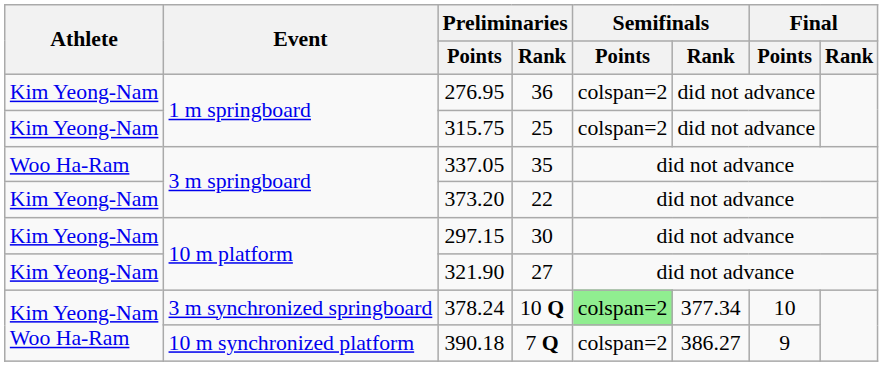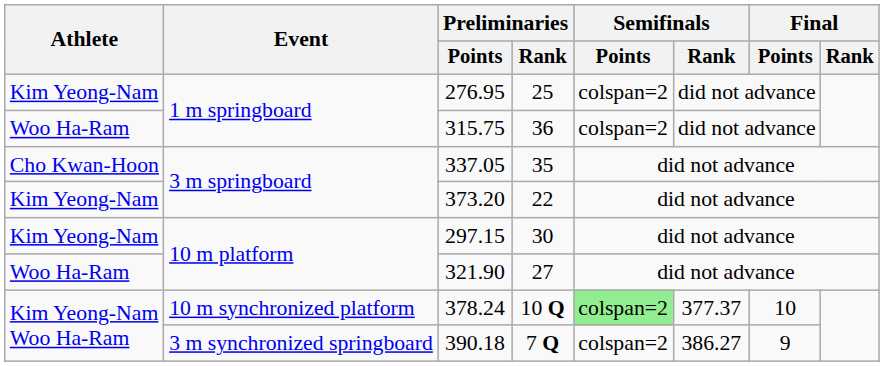 <table class=wikitable style="font-size:90%;">
 <tr>
 <th rowspan="2">Athlete</th>
 <th rowspan="2">Event</th>
 <th colspan="2">Preliminaries</th>
 <th colspan="2">Semifinals</th>
 <th colspan="2">Final</th>
 </tr>
 <tr style="font-size:95%">
 <th>Points</th>
 <th>Rank</th>
 <th>Points</th>
 <th>Rank</th>
 <th>Points</th>
 <th>Rank</th>
 </tr>
 <tr align=center>
 <td align=left><a href='#'>Kim Yeong-Nam</a></td>
 <td align=left rowspan=2><a href='#'>1 m springboard</a></td>
 <td>276.95</td>
-<td>36</td>
-<td>colspan=2 </td>
-<td colspan=2>did not advance</td>
-</tr>
-<tr align=center>
-<td align=left><a href='#'>Kim Yeong-Nam</a></td>
-<td>315.75</td>
 <td>25</td>
 <td>colspan=2 </td>
 <td colspan=2>did not advance</td>
 </tr>
 <tr align=center>
 <td align=left><a href='#'>Woo Ha-Ram</a></td>
+<td>315.75</td>
+<td>36</td>
+<td>colspan=2 </td>
+<td colspan=2>did not advance</td>
+</tr>
+<tr align=center>
+<td align=left><a href='#'>Cho Kwan-Hoon</a></td>
 <td align=left rowspan=2><a href='#'>3 m springboard</a></td>
 <td>337.05</td>
 <td>35</td>
 <td colspan=4>did not advance</td>
 </tr>
 <tr align=center>
 <td align=left><a href='#'>Kim Yeong-Nam</a></td>
 <td>373.20</td>
 <td>22</td>
 <td colspan=4>did not advance</td>
 </tr>
 <tr align=center>
 <td align=left><a href='#'>Kim Yeong-Nam</a></td>
 <td align=left rowspan=2><a href='#'>10 m platform</a></td>
 <td>297.15</td>
 <td>30</td>
 <td colspan=4>did not advance</td>
 </tr>
 <tr align=center>
-<td align=left><a href='#'>Kim Yeong-Nam</a></td>
+<td align=left><a href='#'>Woo Ha-Ram</a></td>
 <td>321.90</td>
 <td>27</td>
 <td colspan=4>did not advance</td>
 </tr>
 <tr align=center>
 <td align=left rowspan=2><a href='#'>Kim Yeong-Nam</a><br><a href='#'>Woo Ha-Ram</a></td>
-<td align=left><a href='#'>3 m synchronized springboard</a></td>
+<td align=left><a href='#'>10 m synchronized platform</a></td>
 <td>378.24</td>
 <td>10 <strong>Q</strong></td>
 <td style="background: lightgreen;">colspan=2 </td>
-<td>377.34</td>
+<td>377.37</td>
 <td>10</td>
 </tr>
 <tr align=center>
-<td align=left><a href='#'>10 m synchronized platform</a></td>
+<td align=left><a href='#'>3 m synchronized springboard</a></td>
 <td>390.18</td>
 <td>7 <strong>Q</strong></td>
 <td>colspan=2 </td>
 <td>386.27</td>
 <td>9</td>
 </tr>
 </table>
